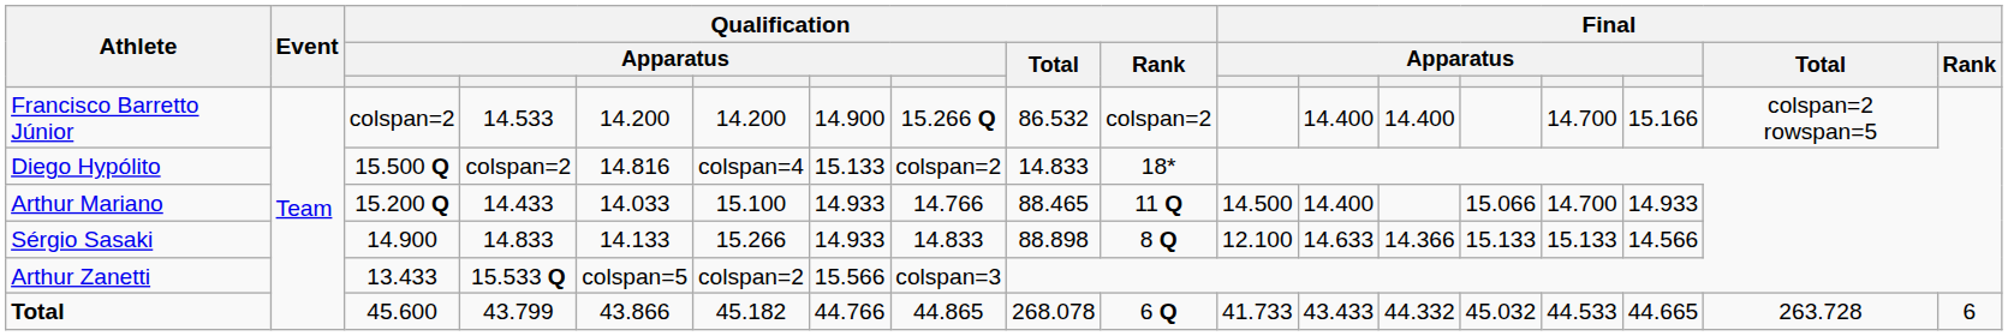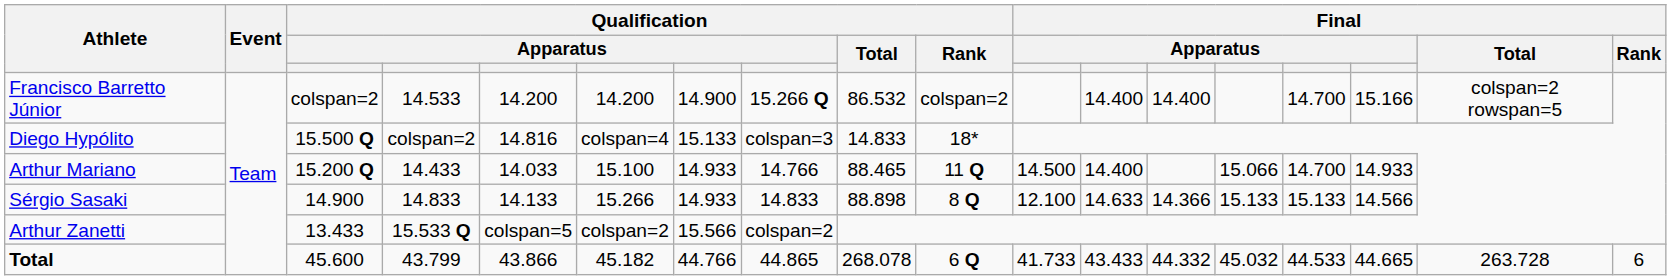 <table class="wikitable" style="font-size:90%">
 <tr>
 <th rowspan=3>Athlete</th>
 <th rowspan=3>Event</th>
 <th colspan =8>Qualification</th>
 <th colspan =8>Final</th>
 </tr>
 <tr style="font-size:95%">
 <th colspan=6>Apparatus</th>
 <th rowspan=2>Total</th>
 <th rowspan=2>Rank</th>
 <th colspan=6>Apparatus</th>
 <th rowspan=2>Total</th>
 <th rowspan=2>Rank</th>
 </tr>
 <tr style="font-size:95%">
 <th></th>
 <th></th>
 <th></th>
 <th></th>
 <th></th>
 <th></th>
 <th></th>
 <th></th>
 <th></th>
 <th></th>
 <th></th>
 <th></th>
 </tr>
 <tr align=center>
 <td align=left><a href='#'>Francisco Barretto Júnior</a></td>
 <td align=left rowspan=6><a href='#'>Team</a></td>
 <td>colspan=2 </td>
 <td>14.533</td>
 <td>14.200</td>
 <td>14.200</td>
 <td>14.900</td>
 <td>15.266 <strong>Q</strong></td>
 <td>86.532</td>
 <td>colspan=2 </td>
 <td></td>
 <td>14.400</td>
 <td>14.400</td>
 <td></td>
 <td>14.700</td>
 <td>15.166</td>
 <td>colspan=2 rowspan=5 </td>
 </tr>
 <tr align=center>
 <td align=left><a href='#'>Diego Hypólito</a></td>
 <td>15.500 <strong>Q</strong></td>
 <td>colspan=2 </td>
 <td>14.816</td>
 <td>colspan=4 </td>
 <td>15.133</td>
-<td>colspan=2 </td>
+<td>colspan=3 </td>
 <td>14.833</td>
 <td>18*</td>
 </tr>
 <tr align=center>
 <td align=left><a href='#'>Arthur Mariano</a></td>
 <td>15.200 <strong>Q</strong></td>
 <td>14.433</td>
 <td>14.033</td>
 <td>15.100</td>
 <td>14.933</td>
 <td>14.766</td>
 <td>88.465</td>
 <td>11 <strong>Q</strong></td>
 <td>14.500</td>
 <td>14.400</td>
 <td></td>
 <td>15.066</td>
 <td>14.700</td>
 <td>14.933</td>
 </tr>
 <tr align=center>
 <td align=left><a href='#'>Sérgio Sasaki</a></td>
 <td>14.900</td>
 <td>14.833</td>
 <td>14.133</td>
 <td>15.266</td>
 <td>14.933</td>
 <td>14.833</td>
 <td>88.898</td>
 <td>8 <strong>Q</strong></td>
 <td>12.100</td>
 <td>14.633</td>
 <td>14.366</td>
 <td>15.133</td>
 <td>15.133</td>
 <td>14.566</td>
 </tr>
 <tr align=center>
 <td align=left><a href='#'>Arthur Zanetti</a></td>
 <td>13.433</td>
 <td>15.533 <strong>Q</strong></td>
 <td>colspan=5 </td>
 <td>colspan=2 </td>
 <td>15.566</td>
-<td>colspan=3 </td>
+<td>colspan=2 </td>
 </tr>
 <tr align=center>
 <td align=left><strong>Total</strong></td>
 <td>45.600</td>
 <td>43.799</td>
 <td>43.866</td>
 <td>45.182</td>
 <td>44.766</td>
 <td>44.865</td>
 <td>268.078</td>
 <td>6 <strong>Q</strong></td>
 <td>41.733</td>
 <td>43.433</td>
 <td>44.332</td>
 <td>45.032</td>
 <td>44.533</td>
 <td>44.665</td>
 <td>263.728</td>
 <td>6</td>
 </tr>
 </table>
